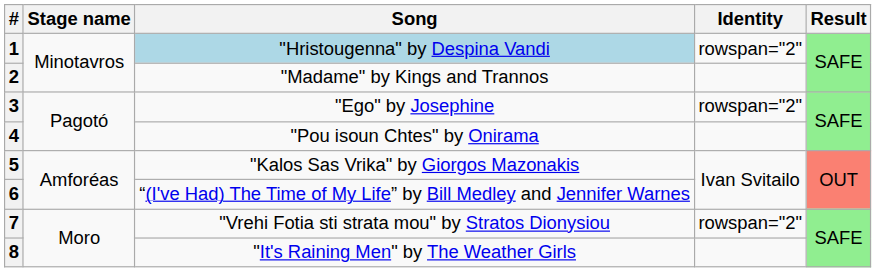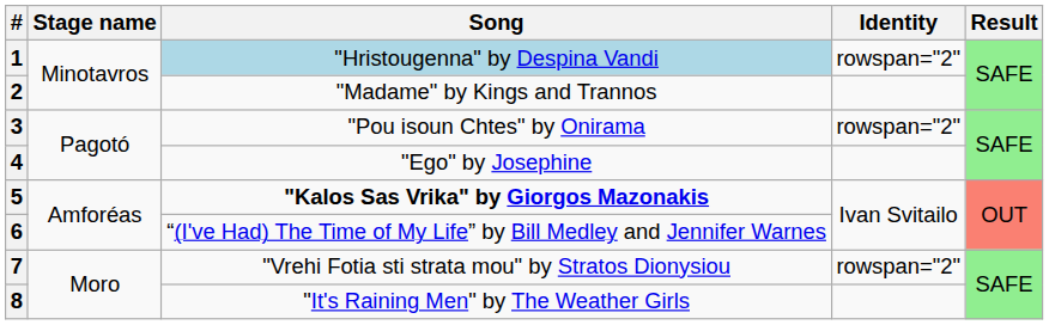 <table class="wikitable plainrowheaders" style="text-align: center;">
 <tr>
 <th>#</th>
 <th>Stage name</th>
 <th>Song</th>
 <th>Identity</th>
 <th>Result</th>
 </tr>
 <tr>
 <th>1</th>
 <td rowspan="2">Minotavros</td>
 <td style="background: lightblue;">"Hristougenna" by <a href='#'>Despina Vandi</a></td>
 <td>rowspan="2" </td>
 <td rowspan="2" bgcolor=lightgreen>SAFE</td>
 </tr>
 <tr>
 <th>2</th>
 <td>"Madame" by Kings and Trannos</td>
 </tr>
 <tr>
 <th>3</th>
 <td rowspan="2">Pagotó</td>
-<td>"Ego" by <a href='#'>Josephine</a></td>
+<td>"Pou isoun Chtes" by <a href='#'>Onirama</a></td>
 <td>rowspan="2" </td>
 <td rowspan="2" bgcolor=lightgreen>SAFE</td>
 </tr>
 <tr>
 <th>4</th>
-<td>"Pou isoun Chtes" by <a href='#'>Onirama</a></td>
+<td>"Ego" by <a href='#'>Josephine</a></td>
 </tr>
 <tr>
 <th>5</th>
 <td rowspan="2">Amforéas</td>
-<td>"Kalos Sas Vrika" by <a href='#'>Giorgos Mazonakis</a></td>
+<td><strong>"Kalos Sas Vrika" by <a href='#'>Giorgos Mazonakis</a></strong></td>
 <td rowspan="2">Ivan Svitailo</td>
 <td rowspan="2" bgcolor=salmon>OUT</td>
 </tr>
 <tr>
 <th>6</th>
 <td>“<a href='#'>(I've Had) The Time of My Life</a>” by <a href='#'>Bill Medley</a> and <a href='#'>Jennifer Warnes</a></td>
 </tr>
 <tr>
 <th>7</th>
 <td rowspan="2">Moro</td>
 <td>"Vrehi Fotia sti strata mou" by <a href='#'>Stratos Dionysiou</a></td>
 <td>rowspan="2" </td>
 <td rowspan="2" bgcolor=lightgreen>SAFE</td>
 </tr>
 <tr>
 <th>8</th>
 <td>"<a href='#'>It's Raining Men</a>" by <a href='#'>The Weather Girls</a></td>
 </tr>
 </table>
